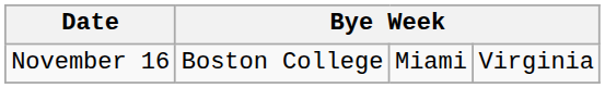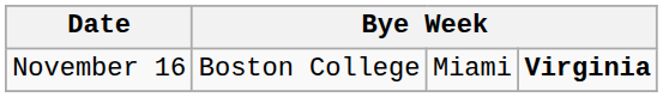 <table class="wikitable" style="font-size:95%;">
 <tr>
 <th>Date</th>
 <th colspan="3">Bye Week</th>
 </tr>
 <tr>
 <td>November 16</td>
 <td>Boston College</td>
 <td>Miami</td>
-<td>Virginia</td>
+<td><strong>Virginia</strong></td>
 </tr>
 </table>
